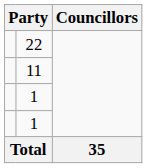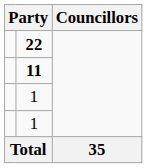 <table class="wikitable">
 <tr>
 <th colspan=2>Party</th>
 <th>Councillors</th>
 </tr>
 <tr>
 <td></td>
-<td align=center>22</td>
+<td align=center><strong>22</strong></td>
 </tr>
 <tr>
 <td></td>
-<td align=center>11</td>
+<td align=center><strong>11</strong></td>
 </tr>
 <tr>
 <td></td>
 <td align=center>1</td>
 </tr>
 <tr>
 <td></td>
 <td align=center>1</td>
 </tr>
 <tr>
 <th colspan=2>Total</th>
 <th align=center>35</th>
 </tr>
 </table>
